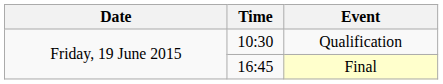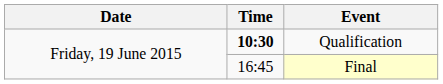 <table class = "wikitable" style="text-align:center;">
 <tr>
 <th width=220>Date</th>
 <th width=50>Time</th>
 <th width=150>Event</th>
 </tr>
 <tr>
 <td rowspan=2>Friday, 19 June 2015</td>
-<td>10:30</td>
+<td><strong>10:30</strong></td>
 <td>Qualification</td>
 </tr>
 <tr>
 <td>16:45</td>
 <td bgcolor=ffffcc>Final</td>
 </tr>
 </table>
